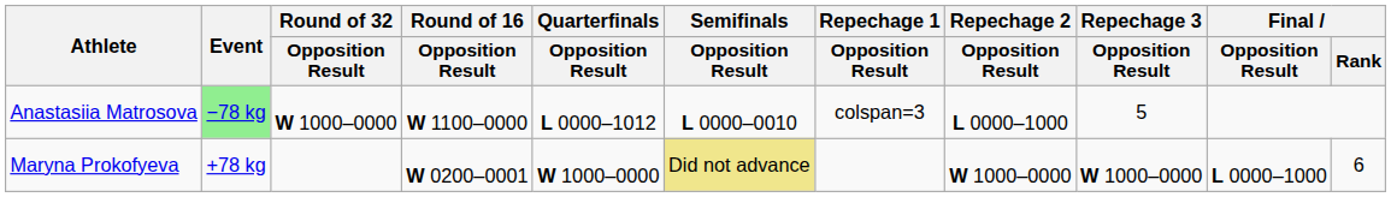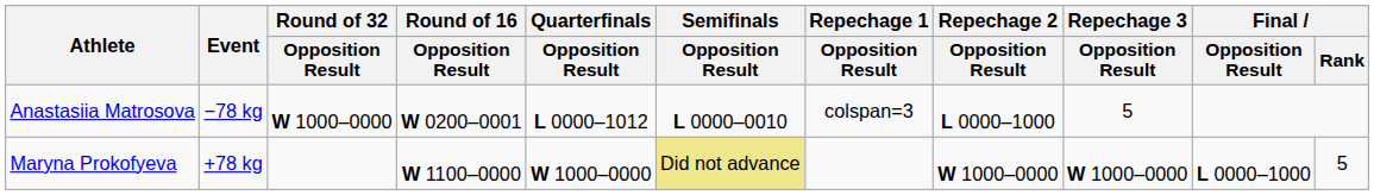 <table class="wikitable" style="font-size:90%">
 <tr>
 <th rowspan="2">Athlete</th>
 <th rowspan="2">Event</th>
 <th>Round of 32</th>
 <th>Round of 16</th>
 <th>Quarterfinals</th>
 <th>Semifinals</th>
 <th>Repechage 1</th>
 <th>Repechage 2</th>
 <th>Repechage 3</th>
 <th colspan=2>Final / </th>
 </tr>
 <tr style="font-size:95%">
 <th>Opposition<br>Result</th>
 <th>Opposition<br>Result</th>
 <th>Opposition<br>Result</th>
 <th>Opposition<br>Result</th>
 <th>Opposition<br>Result</th>
 <th>Opposition<br>Result</th>
 <th>Opposition<br>Result</th>
 <th>Opposition<br>Result</th>
 <th>Rank</th>
 </tr>
 <tr align=center>
 <td align=left><a href='#'>Anastasiia Matrosova</a></td>
-<td align=left style="background: lightgreen;"><a href='#'>−78 kg</a></td>
+<td align=left><a href='#'>−78 kg</a></td>
 <td><br><strong>W</strong> 1000–0000</td>
-<td><br><strong>W</strong> 1100–0000</td>
+<td><br><strong>W</strong> 0200–0001</td>
 <td><br><strong>L</strong> 0000–1012</td>
 <td><br><strong>L</strong> 0000–0010</td>
 <td>colspan=3 </td>
 <td><br><strong>L</strong> 0000–1000</td>
 <td>5</td>
 </tr>
 <tr align=center>
 <td align=left><a href='#'>Maryna Prokofyeva</a></td>
 <td align=left><a href='#'>+78 kg</a></td>
 <td></td>
-<td><br><strong>W</strong> 0200–0001</td>
+<td><br><strong>W</strong> 1100–0000</td>
 <td><br><strong>W</strong> 1000–0000</td>
 <td style="background: khaki;">Did not advance</td>
 <td></td>
 <td><br><strong>W</strong> 1000–0000</td>
 <td><br><strong>W</strong> 1000–0000</td>
 <td><br><strong>L</strong> 0000–1000</td>
-<td>6</td>
+<td>5</td>
 </tr>
 </table>
